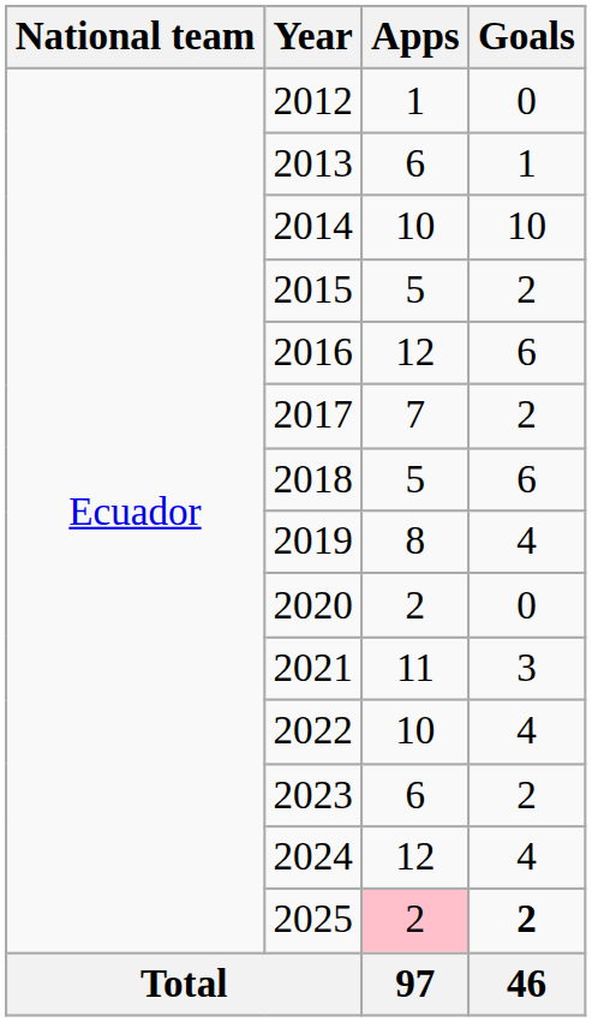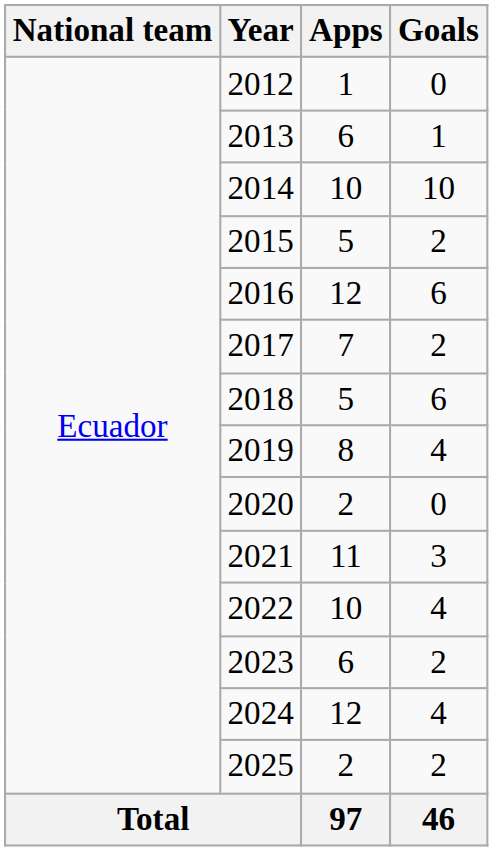 <table class="wikitable" style="text-align:center">
 <tr>
 <th>National team</th>
 <th>Year</th>
 <th>Apps</th>
 <th>Goals</th>
 </tr>
 <tr>
 <td rowspan=14><a href='#'>Ecuador</a></td>
 <td>2012</td>
 <td>1</td>
 <td>0</td>
 </tr>
 <tr>
 <td>2013</td>
 <td>6</td>
 <td>1</td>
 </tr>
 <tr>
 <td>2014</td>
 <td>10</td>
 <td>10</td>
 </tr>
 <tr>
 <td>2015</td>
 <td>5</td>
 <td>2</td>
 </tr>
 <tr>
 <td>2016</td>
 <td>12</td>
 <td>6</td>
 </tr>
 <tr>
 <td>2017</td>
 <td>7</td>
 <td>2</td>
 </tr>
 <tr>
 <td>2018</td>
 <td>5</td>
 <td>6</td>
 </tr>
 <tr>
 <td>2019</td>
 <td>8</td>
 <td>4</td>
 </tr>
 <tr>
 <td>2020</td>
 <td>2</td>
 <td>0</td>
 </tr>
 <tr>
 <td>2021</td>
 <td>11</td>
 <td>3</td>
 </tr>
 <tr>
 <td>2022</td>
 <td>10</td>
 <td>4</td>
 </tr>
 <tr>
 <td>2023</td>
 <td>6</td>
 <td>2</td>
 </tr>
 <tr>
 <td>2024</td>
 <td>12</td>
 <td>4</td>
 </tr>
 <tr>
 <td>2025</td>
-<td style="background: pink;">2</td>
-<td><strong>2</strong></td>
+<td>2</td>
+<td>2</td>
 </tr>
 <tr>
 <th colspan=2>Total</th>
 <th>97</th>
 <th>46</th>
 </tr>
 </table>
